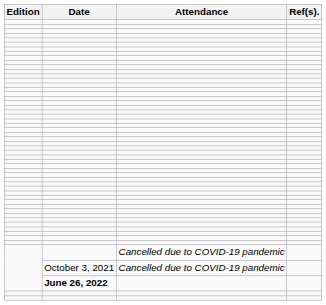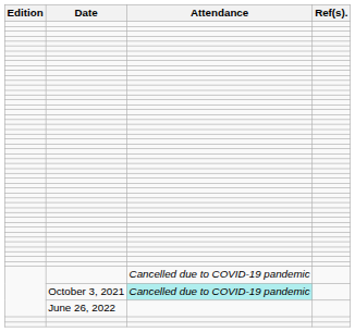 <table class="wikitable sortable plainrowheaders">
 <tr>
 <th scope="col">Edition</th>
 <th scope="col">Date</th>
 <th scope="col">Attendance</th>
 <th scope="col" class="unsortable">Ref(s).</th>
 </tr>
 <tr>
 <td scope="row" align=right></td>
 <td></td>
 <td align=right></td>
 <td></td>
 </tr>
 <tr>
 <td align=right></td>
 <td></td>
 <td align=right></td>
 <td></td>
 </tr>
 <tr>
 <td align=right></td>
 <td></td>
 <td align=right></td>
 <td></td>
 </tr>
 <tr>
 <td align=right></td>
 <td></td>
 <td align=right></td>
 <td></td>
 </tr>
 <tr>
 <td align=right></td>
 <td></td>
 <td align=right></td>
 <td></td>
 </tr>
 <tr>
 <td align=right></td>
 <td></td>
 <td align=right></td>
 <td></td>
 </tr>
 <tr>
 <td align=right></td>
 <td></td>
 <td align=right></td>
 <td></td>
 </tr>
 <tr>
 <td align=right></td>
 <td></td>
 <td align=right></td>
 <td></td>
 </tr>
 <tr>
 <td align=right></td>
 <td></td>
 <td align=right></td>
 <td></td>
 </tr>
 <tr>
 <td align=right></td>
 <td></td>
 <td align=right></td>
 <td></td>
 </tr>
 <tr>
 <td align=right></td>
 <td></td>
 <td align=right></td>
 <td></td>
 </tr>
 <tr>
 <td align=right></td>
 <td></td>
 <td align=right></td>
 <td></td>
 </tr>
 <tr>
 <td align=right></td>
 <td></td>
 <td align=right></td>
 <td></td>
 </tr>
 <tr>
 <td align=right></td>
 <td></td>
 <td align=right></td>
 <td></td>
 </tr>
 <tr>
 <td align=right></td>
 <td></td>
 <td align=right></td>
 <td></td>
 </tr>
 <tr>
 <td align=right></td>
 <td></td>
 <td align=right></td>
 <td></td>
 </tr>
 <tr>
 <td align=right></td>
 <td></td>
 <td align=right></td>
 <td></td>
 </tr>
 <tr>
 <td align=right></td>
 <td></td>
 <td align=right></td>
 <td></td>
 </tr>
 <tr>
 <td align=right></td>
 <td></td>
 <td align=right></td>
 <td></td>
 </tr>
 <tr>
 <td align=right></td>
 <td></td>
 <td align=right></td>
 <td></td>
 </tr>
 <tr>
 <td align=right></td>
 <td></td>
 <td align=right></td>
 <td></td>
 </tr>
 <tr>
 <td align=right></td>
 <td></td>
 <td align=right></td>
 <td></td>
 </tr>
 <tr>
 <td align=right></td>
 <td></td>
 <td align=right></td>
 <td></td>
 </tr>
 <tr>
 <td align=right></td>
 <td></td>
 <td align=right></td>
 <td></td>
 </tr>
 <tr>
 <td align=right></td>
 <td></td>
 <td align=right></td>
 <td></td>
 </tr>
 <tr>
 <td align=right></td>
 <td></td>
 <td align=right></td>
 <td></td>
 </tr>
 <tr>
 <td align=right></td>
 <td></td>
 <td align=right></td>
 <td></td>
 </tr>
 <tr>
 <td align=right></td>
 <td></td>
 <td align=right></td>
 <td></td>
 </tr>
 <tr>
 <td align=right></td>
 <td></td>
 <td align=right></td>
 <td></td>
 </tr>
 <tr>
 <td align=right></td>
 <td></td>
 <td align=right></td>
 <td></td>
 </tr>
 <tr>
 <td align=right></td>
 <td></td>
 <td align=right></td>
 <td></td>
 </tr>
 <tr>
 <td align=right></td>
 <td></td>
 <td align=right></td>
 <td></td>
 </tr>
 <tr>
 <td align=right></td>
 <td></td>
 <td align=right></td>
 <td></td>
 </tr>
 <tr>
 <td align=right></td>
 <td></td>
 <td align=right></td>
 <td></td>
 </tr>
 <tr>
 <td align=right></td>
 <td></td>
 <td align=right></td>
 <td></td>
 </tr>
 <tr>
 <td align=right></td>
 <td></td>
 <td align=right></td>
 <td></td>
 </tr>
 <tr>
 <td align=right></td>
 <td></td>
 <td align=right></td>
 <td></td>
 </tr>
 <tr>
 <td align=right></td>
 <td></td>
 <td align=right></td>
 <td></td>
 </tr>
 <tr>
 <td align=right></td>
 <td></td>
 <td align=right></td>
 <td></td>
 </tr>
 <tr>
 <td align=right></td>
 <td></td>
 <td align=right></td>
 <td></td>
 </tr>
 <tr>
 <td align=right></td>
 <td></td>
 <td align=right></td>
 <td></td>
 </tr>
 <tr>
 <td align=right></td>
 <td></td>
 <td align=right></td>
 <td></td>
 </tr>
 <tr>
 <td align=right></td>
 <td></td>
 <td align=right></td>
 <td></td>
 </tr>
 <tr>
 <td align=right></td>
 <td></td>
 <td align=right></td>
 <td></td>
 </tr>
 <tr>
 <td align=right></td>
 <td></td>
 <td align=right></td>
 <td></td>
 </tr>
 <tr>
 <td align=right></td>
 <td></td>
 <td align=right></td>
 <td></td>
 </tr>
 <tr>
 <td align=right></td>
 <td></td>
 <td align=right></td>
 <td></td>
 </tr>
 <tr>
 <td align=right></td>
 <td></td>
 <td align=right></td>
 <td></td>
 </tr>
 <tr>
 <td align=right></td>
 <td></td>
 <td align=right></td>
 <td></td>
 </tr>
 <tr>
 <td align=right></td>
 <td></td>
 <td align=right></td>
 <td></td>
 </tr>
 <tr>
 <td rowspan="3" align="right"></td>
 <td></td>
 <td><em>Cancelled due to COVID-19 pandemic</em></td>
 <td></td>
 </tr>
 <tr>
 <td>October 3, 2021</td>
-<td><em>Cancelled due to COVID-19 pandemic</em></td>
+<td style="background: paleturquoise;"><em>Cancelled due to COVID-19 pandemic</em></td>
 <td></td>
 </tr>
 <tr>
-<td><strong>June 26, 2022</strong></td>
+<td>June 26, 2022</td>
 <td align=right></td>
 <td></td>
 </tr>
 <tr>
 <td align=right></td>
 <td></td>
 <td align=right></td>
 <td></td>
 </tr>
 <tr>
 <td align=right></td>
 <td></td>
 <td align=right></td>
 <td></td>
 </tr>
 </table>
